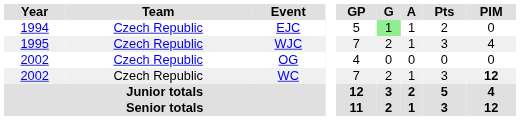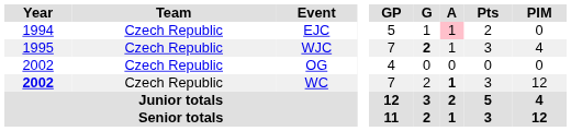 <table border="0" cellpadding="1" cellspacing="0" style="text-align:center; width:40em">
 <tr align="center" bgcolor="#e0e0e0">
 <th>Year</th>
 <th>Team</th>
 <th>Event</th>
 <th rowspan="99" bgcolor="#ffffff"> </th>
 <th>GP</th>
 <th>G</th>
 <th>A</th>
 <th>Pts</th>
 <th>PIM</th>
 </tr>
 <tr>
 <td><a href='#'>1994</a></td>
 <td><a href='#'>Czech Republic</a></td>
 <td><a href='#'>EJC</a></td>
 <td>5</td>
-<td style="background: lightgreen;">1</td>
 <td>1</td>
+<td style="background: pink;">1</td>
 <td>2</td>
 <td>0</td>
 </tr>
 <tr bgcolor="#f0f0f0">
 <td><a href='#'>1995</a></td>
 <td><a href='#'>Czech Republic</a></td>
 <td><a href='#'>WJC</a></td>
 <td>7</td>
-<td>2</td>
+<td><strong>2</strong></td>
 <td>1</td>
 <td>3</td>
 <td>4</td>
 </tr>
 <tr>
 <td><a href='#'>2002</a></td>
 <td><a href='#'>Czech Republic</a></td>
 <td><a href='#'>OG</a></td>
 <td>4</td>
 <td>0</td>
 <td>0</td>
 <td>0</td>
 <td>0</td>
 </tr>
 <tr bgcolor="#f0f0f0">
-<td><a href='#'>2002</a></td>
+<td><strong><a href='#'>2002</a></strong></td>
 <td>Czech Republic</td>
 <td><a href='#'>WC</a></td>
 <td>7</td>
 <td>2</td>
-<td>1</td>
+<td><strong>1</strong></td>
 <td>3</td>
-<td><strong>12</strong></td>
+<td>12</td>
 </tr>
 <tr bgcolor="#e0e0e0">
 <th colspan=3>Junior totals</th>
 <th>12</th>
 <th>3</th>
 <th>2</th>
 <th>5</th>
 <th>4</th>
 </tr>
 <tr bgcolor="#e0e0e0">
 <th colspan=3>Senior totals</th>
 <th>11</th>
 <th>2</th>
 <th>1</th>
 <th>3</th>
 <th>12</th>
 </tr>
 </table>
